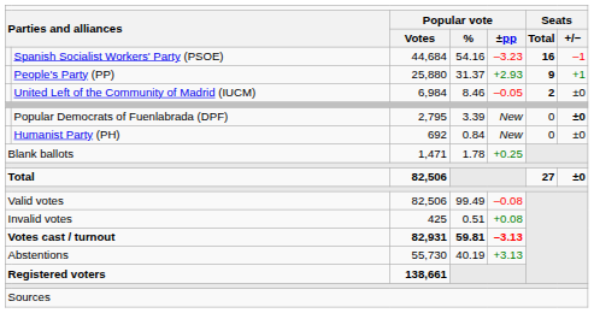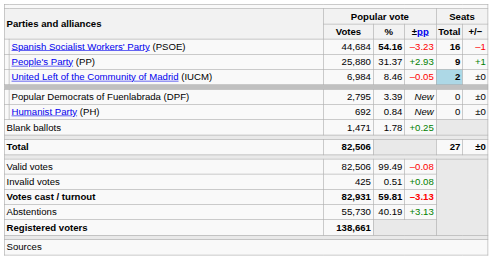 <table class="wikitable" style="text-align:right;">
 <tr>
 <td colspan="7"></td>
 </tr>
 <tr>
 <th style="text-align:left;" rowspan="2" colspan="2" width="525">Parties and alliances</th>
 <th colspan="3">Popular vote</th>
 <th colspan="2">Seats</th>
 </tr>
 <tr>
 <th width="75">Votes</th>
 <th width="45">%</th>
 <th width="45">±<a href='#'>pp</a></th>
 <th width="35">Total</th>
 <th width="35">+/−</th>
 </tr>
 <tr>
 <td width="1" style="color:inherit;background:"></td>
 <td align="left"><a href='#'>Spanish Socialist Workers' Party</a> (PSOE)</td>
 <td>44,684</td>
-<td>54.16</td>
+<td><strong>54.16</strong></td>
 <td style="color:red;">–3.23</td>
 <td><strong>16</strong></td>
 <td style="color:red;">–1</td>
 </tr>
 <tr>
 <td style="color:inherit;background:"></td>
 <td align="left"><a href='#'>People's Party</a> (PP)</td>
 <td>25,880</td>
 <td>31.37</td>
 <td style="color:green;">+2.93</td>
 <td><strong>9</strong></td>
 <td style="color:green;">+1</td>
 </tr>
 <tr>
 <td style="color:inherit;background:"></td>
 <td align="left"><a href='#'>United Left of the Community of Madrid</a> (IUCM)</td>
 <td>6,984</td>
 <td>8.46</td>
 <td style="color:red;">–0.05</td>
-<td><strong>2</strong></td>
+<td style="background: lightblue;"><strong>2</strong></td>
 <td>±0</td>
 </tr>
 <tr>
 <td colspan="7" bgcolor="#C0C0C0"></td>
 </tr>
 <tr>
 <td style="color:inherit;background:"></td>
 <td align="left">Popular Democrats of Fuenlabrada (DPF)</td>
 <td>2,795</td>
 <td>3.39</td>
 <td><em>New</em></td>
 <td>0</td>
-<td><strong>±0</strong></td>
+<td>±0</td>
 </tr>
 <tr>
 <td style="color:inherit;background:"></td>
 <td align="left"><a href='#'>Humanist Party</a> (PH)</td>
 <td>692</td>
 <td>0.84</td>
 <td><em>New</em></td>
 <td>0</td>
 <td>±0</td>
 </tr>
 <tr>
 <td align="left" colspan="2">Blank ballots</td>
 <td>1,471</td>
 <td>1.78</td>
 <td style="color:green;">+0.25</td>
 <td bgcolor="#E9E9E9" colspan="2"></td>
 </tr>
 <tr>
 <td colspan="7" bgcolor="#E9E9E9"></td>
 </tr>
 <tr style="font-weight:bold;">
 <td align="left" colspan="2">Total</td>
 <td>82,506</td>
 <td bgcolor="#E9E9E9" colspan="2"></td>
 <td>27</td>
 <td>±0</td>
 </tr>
 <tr>
 <td colspan="7" bgcolor="#E9E9E9"></td>
 </tr>
 <tr>
 <td align="left" colspan="2">Valid votes</td>
 <td>82,506</td>
 <td>99.49</td>
 <td style="color:red;">–0.08</td>
 <td bgcolor="#E9E9E9" colspan="2" rowspan="5"></td>
 </tr>
 <tr>
 <td align="left" colspan="2">Invalid votes</td>
 <td>425</td>
 <td>0.51</td>
 <td style="color:green;">+0.08</td>
 </tr>
 <tr style="font-weight:bold;">
 <td align="left" colspan="2">Votes cast / turnout</td>
 <td>82,931</td>
 <td>59.81</td>
 <td style="color:red;">–3.13</td>
 </tr>
 <tr>
 <td align="left" colspan="2">Abstentions</td>
 <td>55,730</td>
 <td>40.19</td>
 <td style="color:green;">+3.13</td>
 </tr>
 <tr style="font-weight:bold;">
 <td align="left" colspan="2">Registered voters</td>
 <td>138,661</td>
 <td bgcolor="#E9E9E9" colspan="2"></td>
 </tr>
 <tr>
 <td colspan="7" bgcolor="#E9E9E9"></td>
 </tr>
 <tr>
 <td align="left" colspan="7">Sources</td>
 </tr>
 </table>
